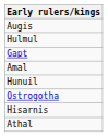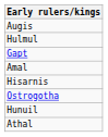 <table class="wikitable">
 <tr>
 <th>Early rulers/kings</th>
 </tr>
 <tr>
 <td>Augis</td>
 </tr>
 <tr>
 <td>Hulmul</td>
 </tr>
 <tr>
 <td><a href='#'>Gapt</a></td>
 </tr>
 <tr>
 <td>Amal</td>
 </tr>
 <tr>
-<td>Hunuil</td>
+<td>Hisarnis</td>
 </tr>
 <tr>
 <td><a href='#'>Ostrogotha</a></td>
 </tr>
 <tr>
-<td>Hisarnis</td>
+<td>Hunuil</td>
 </tr>
 <tr>
 <td>Athal</td>
 </tr>
 </table>
